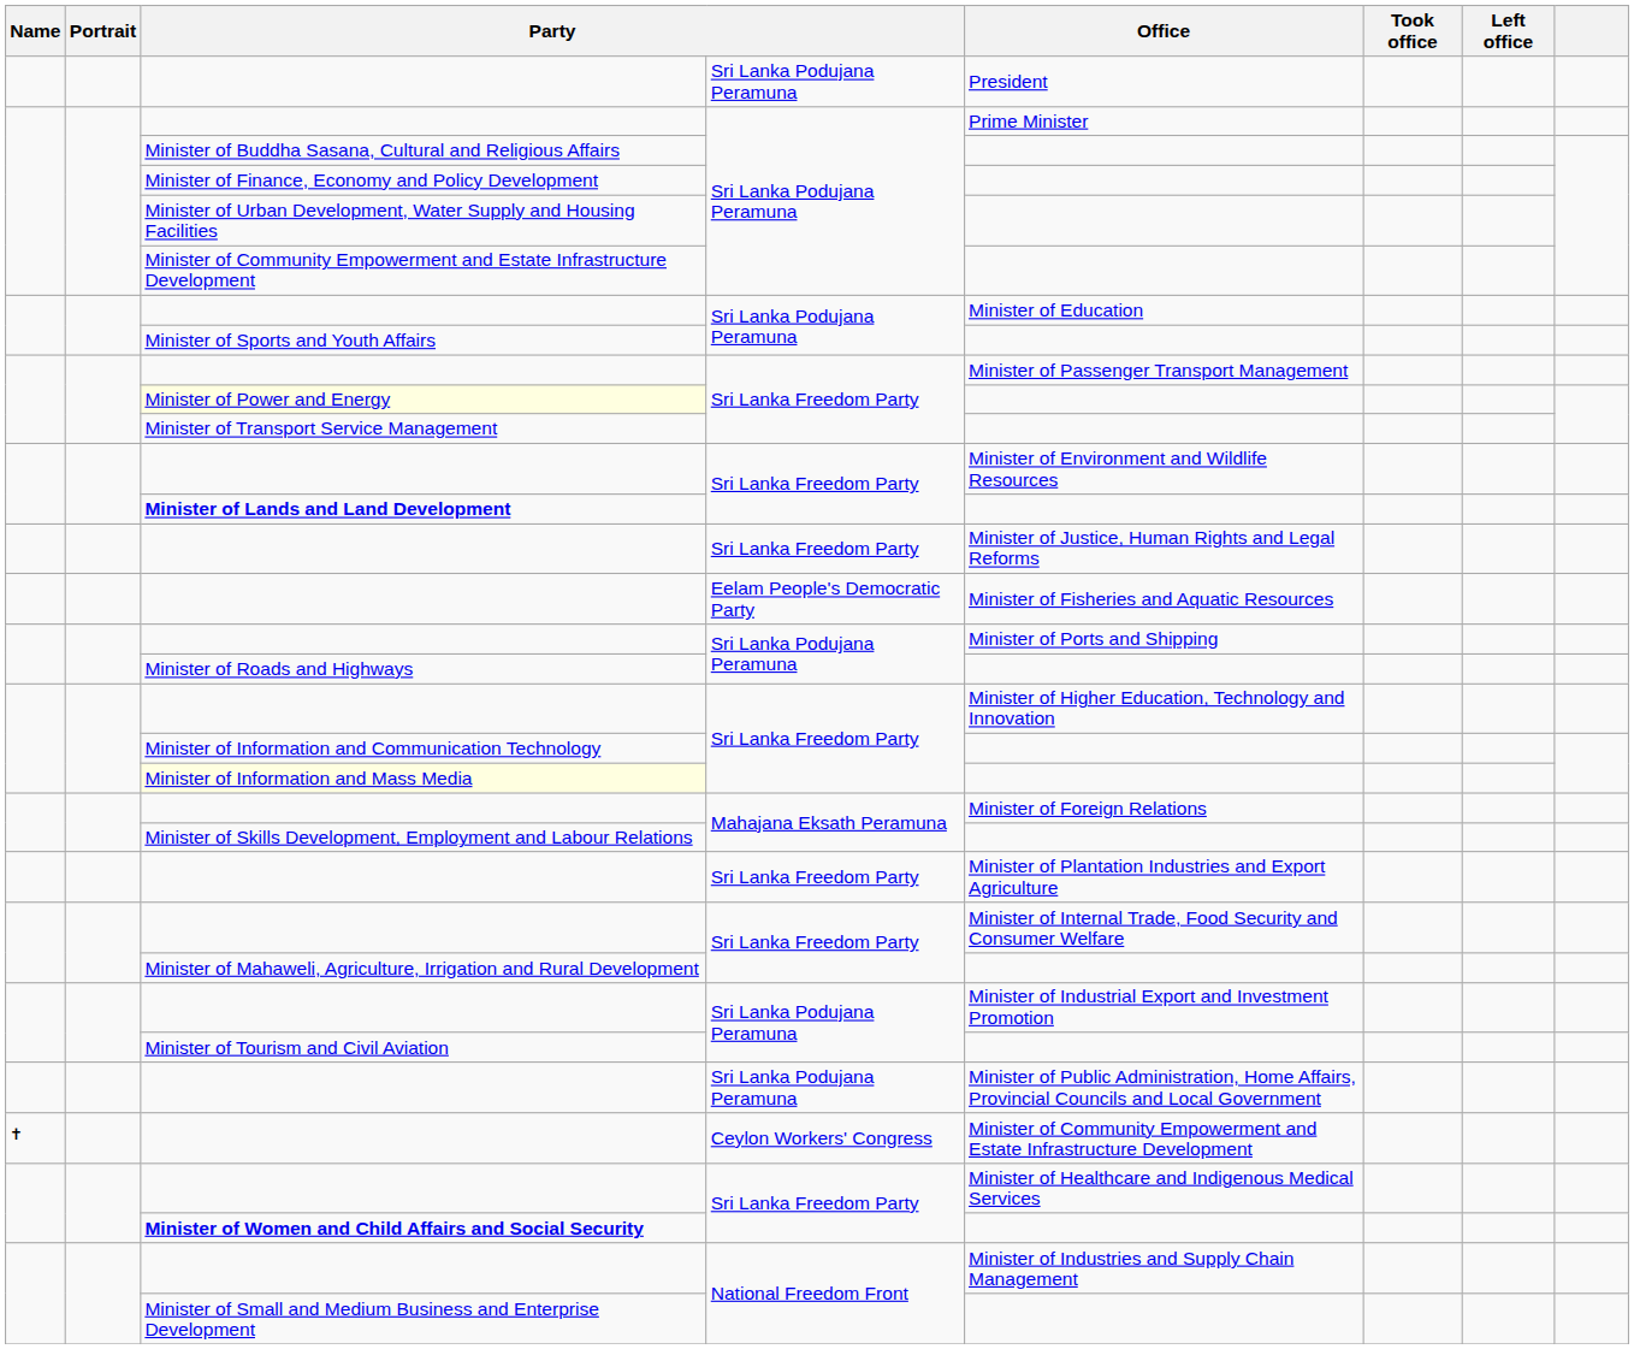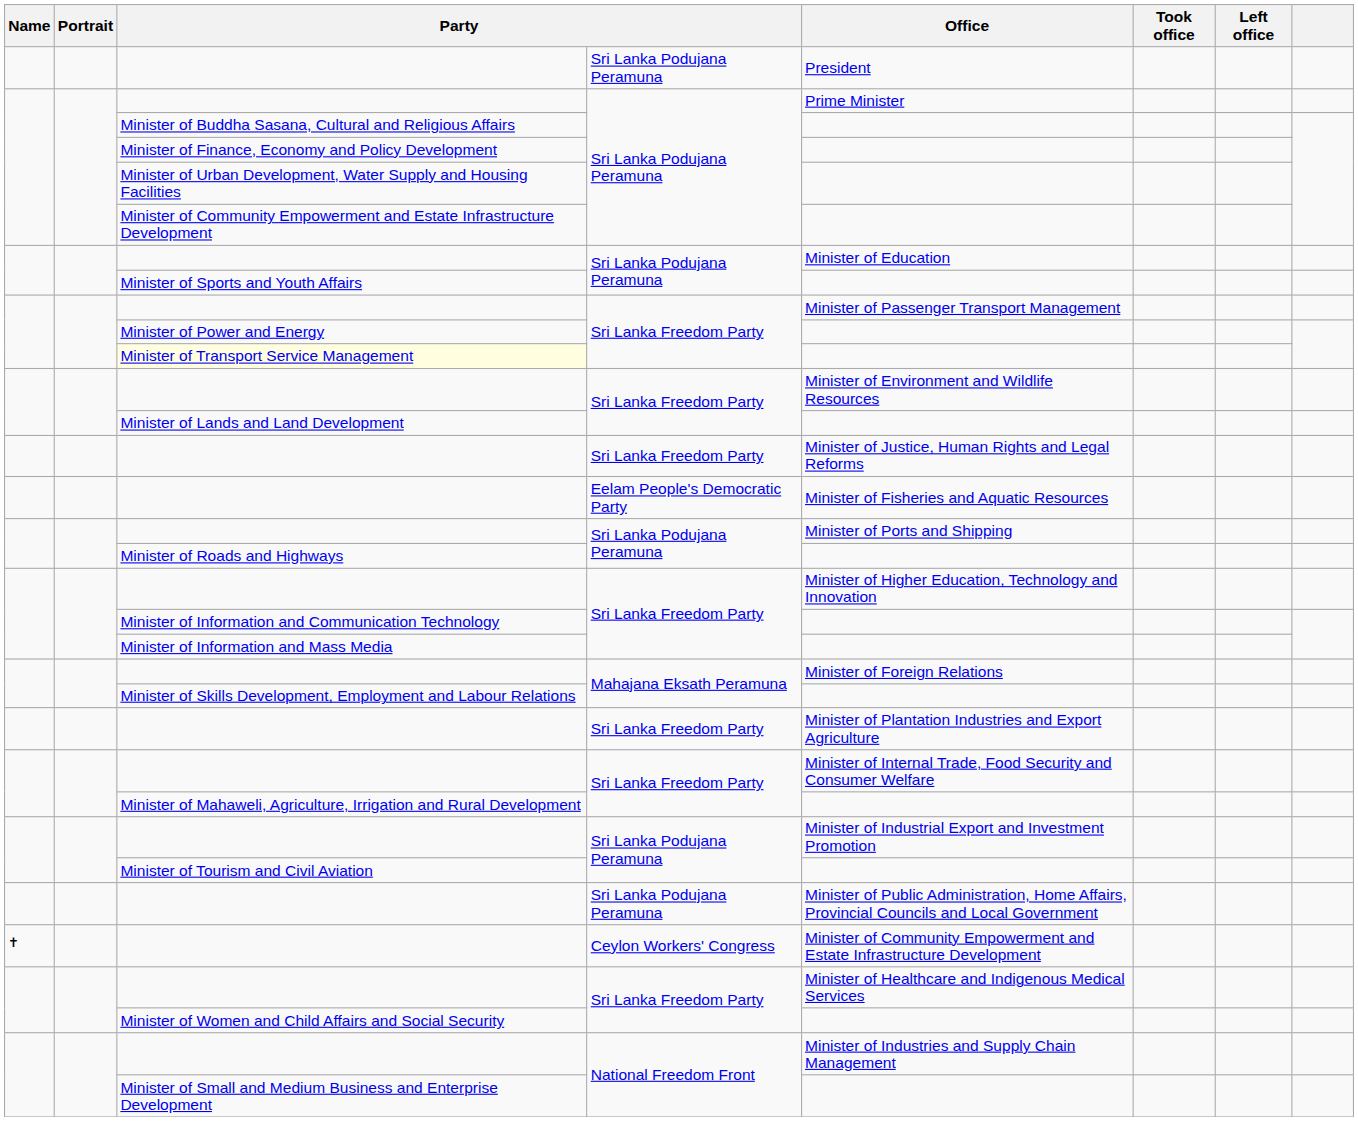 <table class="wikitable plainrowheaders sortable" style="font-size:90%; text-align:left;">
 <tr>
 <th scope=col>Name</th>
 <th scope=col class=unsortable>Portrait</th>
 <th scope=col colspan="2">Party</th>
 <th scope=col width=300px>Office</th>
 <th scope=col>Took office</th>
 <th scope=col>Left office</th>
 <th scope=col width=50px class=unsortable></th>
 </tr>
 <tr>
 <td></td>
 <td align=center></td>
 <td !align="center" style="background:"></td>
 <td><a href='#'>Sri Lanka Podujana Peramuna</a></td>
 <td><a href='#'>President</a></td>
 <td align=center></td>
 <td align=center></td>
 <td align=center></td>
 </tr>
 <tr>
 <td rowspan=5></td>
 <td align=center rowspan=5></td>
 <td !align="center" style="background:"></td>
 <td rowspan=5><a href='#'>Sri Lanka Podujana Peramuna</a></td>
 <td><a href='#'>Prime Minister</a></td>
 <td align=center></td>
 <td align=center></td>
 <td align=center></td>
 </tr>
 <tr>
 <td><a href='#'>Minister of Buddha Sasana, Cultural and Religious Affairs</a></td>
 <td align=center></td>
 <td align=center></td>
 <td align=center></td>
 </tr>
 <tr>
 <td><a href='#'>Minister of Finance, Economy and Policy Development</a></td>
 <td align=center></td>
 <td align=center></td>
 <td align=center></td>
 </tr>
 <tr>
 <td><a href='#'>Minister of Urban Development, Water Supply and Housing Facilities</a></td>
 <td align=center></td>
 <td align=center></td>
 <td align=center></td>
 </tr>
 <tr>
 <td><a href='#'>Minister of Community Empowerment and Estate Infrastructure Development</a></td>
 <td align=center></td>
 <td align=center></td>
 <td align=center></td>
 </tr>
 <tr>
 <td rowspan=2></td>
 <td align=center rowspan=2></td>
 <td !align="center" style="background:"></td>
 <td rowspan=2><a href='#'>Sri Lanka Podujana Peramuna</a></td>
 <td><a href='#'>Minister of Education</a></td>
 <td align=center></td>
 <td align=center></td>
 <td align=center></td>
 </tr>
 <tr>
 <td><a href='#'>Minister of Sports and Youth Affairs</a></td>
 <td align=center></td>
 <td align=center></td>
 <td align=center></td>
 </tr>
 <tr>
 <td rowspan=3></td>
 <td align=center rowspan=3></td>
 <td !align="center" style="background:"></td>
 <td rowspan=3><a href='#'>Sri Lanka Freedom Party</a></td>
 <td><a href='#'>Minister of Passenger Transport Management</a></td>
 <td align=center></td>
 <td align=center></td>
 <td align=center></td>
 </tr>
 <tr>
-<td style="background: lightyellow;"><a href='#'>Minister of Power and Energy</a></td>
+<td><a href='#'>Minister of Power and Energy</a></td>
 <td align=center></td>
 <td align=center></td>
 <td align=center></td>
 </tr>
 <tr>
-<td><a href='#'>Minister of Transport Service Management</a></td>
+<td style="background: lightyellow;"><a href='#'>Minister of Transport Service Management</a></td>
 <td align=center></td>
 <td align=center></td>
 <td align=center></td>
 </tr>
 <tr>
 <td rowspan=2></td>
 <td align=center rowspan=2></td>
 <td !align="center" style="background:"></td>
 <td rowspan=2><a href='#'>Sri Lanka Freedom Party</a></td>
 <td><a href='#'>Minister of Environment and Wildlife Resources</a></td>
 <td align=center></td>
 <td align=center></td>
 <td align=center></td>
 </tr>
 <tr>
-<td><strong><a href='#'>Minister of Lands and Land Development</a></strong></td>
+<td><a href='#'>Minister of Lands and Land Development</a></td>
 <td align=center></td>
 <td align=center></td>
 <td align=center></td>
 </tr>
 <tr>
 <td></td>
 <td align=center></td>
 <td !align="center" style="background:"></td>
 <td><a href='#'>Sri Lanka Freedom Party</a></td>
 <td><a href='#'>Minister of Justice, Human Rights and Legal Reforms</a></td>
 <td align=center></td>
 <td align=center></td>
 <td align=center></td>
 </tr>
 <tr>
 <td></td>
 <td align=center></td>
 <td !align="center" style="background:"></td>
 <td><a href='#'>Eelam People's Democratic Party</a></td>
 <td><a href='#'>Minister of Fisheries and Aquatic Resources</a></td>
 <td align=center></td>
 <td align=center></td>
 <td align=center></td>
 </tr>
 <tr>
 <td rowspan=2></td>
 <td align=center rowspan=2></td>
 <td !align="center" style="background:"></td>
 <td rowspan=2><a href='#'>Sri Lanka Podujana Peramuna</a></td>
 <td><a href='#'>Minister of Ports and Shipping</a></td>
 <td align=center></td>
 <td align=center></td>
 <td align=center></td>
 </tr>
 <tr>
 <td><a href='#'>Minister of Roads and Highways</a></td>
 <td align=center></td>
 <td align=center></td>
 <td align=center></td>
 </tr>
 <tr>
 <td rowspan=3></td>
 <td align=center rowspan=3></td>
 <td !align="center" style="background:"></td>
 <td rowspan=3><a href='#'>Sri Lanka Freedom Party</a></td>
 <td><a href='#'>Minister of Higher Education, Technology and Innovation</a></td>
 <td align=center></td>
 <td align=center></td>
 <td align=center></td>
 </tr>
 <tr>
 <td><a href='#'>Minister of Information and Communication Technology</a></td>
 <td align=center></td>
 <td align=center></td>
 <td align=center></td>
 </tr>
 <tr>
-<td style="background: lightyellow;"><a href='#'>Minister of Information and Mass Media</a></td>
+<td><a href='#'>Minister of Information and Mass Media</a></td>
 <td align=center></td>
 <td align=center></td>
 <td align=center></td>
 </tr>
 <tr>
 <td rowspan=2></td>
 <td align=center rowspan=2></td>
 <td !align="center" style="background:"></td>
 <td rowspan=2><a href='#'>Mahajana Eksath Peramuna</a></td>
 <td><a href='#'>Minister of Foreign Relations</a></td>
 <td align=center></td>
 <td align=center></td>
 <td align=center></td>
 </tr>
 <tr>
 <td><a href='#'>Minister of Skills Development, Employment and Labour Relations</a></td>
 <td align=center></td>
 <td align=center></td>
 <td align=center></td>
 </tr>
 <tr>
 <td></td>
 <td align=center></td>
 <td !align="center" style="background:"></td>
 <td><a href='#'>Sri Lanka Freedom Party</a></td>
 <td><a href='#'>Minister of Plantation Industries and Export Agriculture</a></td>
 <td align=center></td>
 <td align=center></td>
 <td align=center></td>
 </tr>
 <tr>
 <td rowspan=2></td>
 <td align=center rowspan=2></td>
 <td !align="center" style="background:"></td>
 <td rowspan=2><a href='#'>Sri Lanka Freedom Party</a></td>
 <td><a href='#'>Minister of Internal Trade, Food Security and Consumer Welfare</a></td>
 <td align=center></td>
 <td align=center></td>
 <td align=center></td>
 </tr>
 <tr>
 <td><a href='#'>Minister of Mahaweli, Agriculture, Irrigation and Rural Development</a></td>
 <td align=center></td>
 <td align=center></td>
 <td align=center></td>
 </tr>
 <tr>
 <td rowspan=2></td>
 <td align=center rowspan=2></td>
 <td !align="center" style="background:"></td>
 <td rowspan=2><a href='#'>Sri Lanka Podujana Peramuna</a></td>
 <td><a href='#'>Minister of Industrial Export and Investment Promotion</a></td>
 <td align=center></td>
 <td align=center></td>
 <td align=center></td>
 </tr>
 <tr>
 <td><a href='#'>Minister of Tourism and Civil Aviation</a></td>
 <td align=center></td>
 <td align=center></td>
 <td align=center></td>
 </tr>
 <tr>
 <td></td>
 <td align=center></td>
 <td !align="center" style="background:"></td>
 <td><a href='#'>Sri Lanka Podujana Peramuna</a></td>
 <td><a href='#'>Minister of Public Administration, Home Affairs, Provincial Councils and Local Government</a></td>
 <td align=center></td>
 <td align=center></td>
 <td align=center></td>
 </tr>
 <tr>
 <td><sup>✝</sup></td>
 <td align=center></td>
 <td !align="center" style="background:"></td>
 <td><a href='#'>Ceylon Workers' Congress</a></td>
 <td><a href='#'>Minister of Community Empowerment and Estate Infrastructure Development</a></td>
 <td align=center></td>
 <td align=center></td>
 <td align=center></td>
 </tr>
 <tr>
 <td rowspan=2></td>
 <td align=center rowspan=2></td>
 <td !align="center" style="background:"></td>
 <td rowspan=2><a href='#'>Sri Lanka Freedom Party</a></td>
 <td><a href='#'>Minister of Healthcare and Indigenous Medical Services</a></td>
 <td align=center></td>
 <td align=center></td>
 <td align=center></td>
 </tr>
 <tr>
-<td><strong><a href='#'>Minister of Women and Child Affairs and Social Security</a></strong></td>
+<td><a href='#'>Minister of Women and Child Affairs and Social Security</a></td>
 <td align=center></td>
 <td align=center></td>
 <td align=center></td>
 </tr>
 <tr>
 <td rowspan=2></td>
 <td align=center rowspan=2></td>
 <td !align="center" style="background:"></td>
 <td rowspan=2><a href='#'>National Freedom Front</a></td>
 <td><a href='#'>Minister of Industries and Supply Chain Management</a></td>
 <td align=center></td>
 <td align=center></td>
 <td align=center></td>
 </tr>
 <tr>
 <td><a href='#'>Minister of Small and Medium Business and Enterprise Development</a></td>
 <td align=center></td>
 <td align=center></td>
 <td align=center></td>
 </tr>
 </table>
